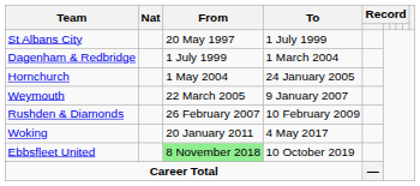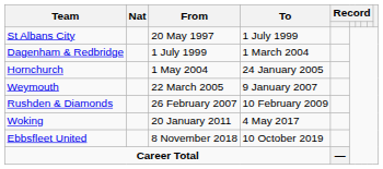 <table class="wikitable" style="text-align: center">
 <tr>
 <th rowspan="2">Team</th>
 <th rowspan="2">Nat</th>
 <th rowspan="2">From</th>
 <th rowspan="2">To</th>
 <th colspan="5">Record</th>
 <th rowspan=2></th>
 </tr>
 <tr>
 <th></th>
 <th></th>
 <th></th>
 <th></th>
 <th></th>
 </tr>
 <tr>
 <td align="left"><a href='#'>St Albans City</a></td>
 <td></td>
 <td align=left>20 May 1997</td>
 <td align=left>1 July 1999<br></td>
 <td></td>
 </tr>
 <tr>
 <td align="left"><a href='#'>Dagenham & Redbridge</a></td>
 <td></td>
 <td align=left>1 July 1999</td>
 <td align=left>1 March 2004<br></td>
 <td></td>
 </tr>
 <tr>
 <td align="left"><a href='#'>Hornchurch</a></td>
 <td></td>
 <td align=left>1 May 2004</td>
 <td align=left>24 January 2005<br></td>
 <td></td>
 </tr>
 <tr>
 <td align="left"><a href='#'>Weymouth</a></td>
 <td></td>
 <td align=left>22 March 2005</td>
 <td align=left>9 January 2007<br></td>
 <td></td>
 </tr>
 <tr>
 <td align="left"><a href='#'>Rushden & Diamonds</a></td>
 <td></td>
 <td align=left>26 February 2007</td>
 <td align=lef5>10 February 2009<br></td>
 <td></td>
 </tr>
 <tr>
 <td align="left"><a href='#'>Woking</a></td>
 <td></td>
 <td align=left>20 January 2011</td>
 <td align=left>4 May 2017<br></td>
 <td></td>
 </tr>
 <tr>
 <td align="left"><a href='#'>Ebbsfleet United</a></td>
 <td></td>
-<td align=left style="background: lightgreen;">8 November 2018</td>
+<td align=left>8 November 2018</td>
 <td align=left>10 October 2019<br></td>
 <td></td>
 </tr>
 <tr>
 <td colspan=4><strong>Career Total</strong><br></td>
 <th>—</th>
 </tr>
 </table>
